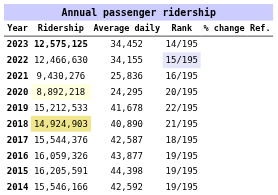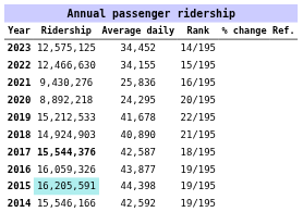 <table class="toccolours" cellpadding="4" cellspacing="0" style="text-align:right;">
 <tr>
 <th colspan="6"  style="background-color:#ccf; background-color:#ccf; font-size:110%; text-align:center;">Annual passenger ridership</th>
 </tr>
 <tr style="font-size:95%; text-align:center">
 <th style="border-bottom:1px solid black">Year</th>
 <th style="border-bottom:1px solid black">Ridership</th>
 <th style="border-bottom:1px solid black">Average daily</th>
 <th style="border-bottom:1px solid black">Rank</th>
 <th style="border-bottom:1px solid black">% change</th>
 <th style="border-bottom:1px solid black">Ref.</th>
 </tr>
 <tr style="text-align:center;">
 <td><strong>2023</strong></td>
-<td><strong>12,575,125</strong></td>
+<td>12,575,125</td>
 <td>34,452</td>
 <td>14/195</td>
 <td></td>
 <td></td>
 </tr>
 <tr>
 </tr>
 <tr style="text-align:center;">
 <td><strong>2022</strong></td>
 <td>12,466,630</td>
 <td>34,155</td>
-<td style="background: lavender;">15/195</td>
+<td>15/195</td>
 <td></td>
 <td></td>
 </tr>
 <tr style="text-align:center;">
 <td><strong>2021</strong></td>
 <td>9,430,276</td>
 <td>25,836</td>
 <td>16/195</td>
 <td></td>
 <td></td>
 </tr>
 <tr style="text-align:center;">
 <td><strong>2020</strong></td>
-<td style="background: lightyellow;">8,892,218</td>
+<td>8,892,218</td>
 <td>24,295</td>
 <td>20/195</td>
 <td></td>
 <td></td>
 </tr>
 <tr style="text-align:center;">
 <td><strong>2019</strong></td>
 <td>15,212,533</td>
 <td>41,678</td>
 <td>22/195</td>
 <td></td>
 <td></td>
 </tr>
 <tr style="text-align:center;">
 <td><strong>2018</strong></td>
-<td style="background: khaki;">14,924,903</td>
+<td>14,924,903</td>
 <td>40,890</td>
 <td>21/195</td>
 <td></td>
 <td></td>
 </tr>
 <tr style="text-align:center;">
 <td><strong>2017</strong></td>
-<td>15,544,376</td>
+<td><strong>15,544,376</strong></td>
 <td>42,587</td>
 <td>18/195</td>
 <td></td>
 <td></td>
 </tr>
 <tr style="text-align:center;">
 <td><strong>2016</strong></td>
 <td>16,059,326</td>
 <td>43,877</td>
 <td>19/195</td>
 <td></td>
 <td></td>
 </tr>
 <tr style="text-align:center;">
 <td><strong>2015</strong></td>
-<td>16,205,591</td>
+<td style="background: paleturquoise;">16,205,591</td>
 <td>44,398</td>
 <td>19/195</td>
 <td></td>
 <td></td>
 </tr>
 <tr style="text-align:center;">
 <td><strong>2014</strong></td>
 <td>15,546,166</td>
 <td>42,592</td>
 <td>19/195</td>
 <td></td>
 <td></td>
 </tr>
 </table>
